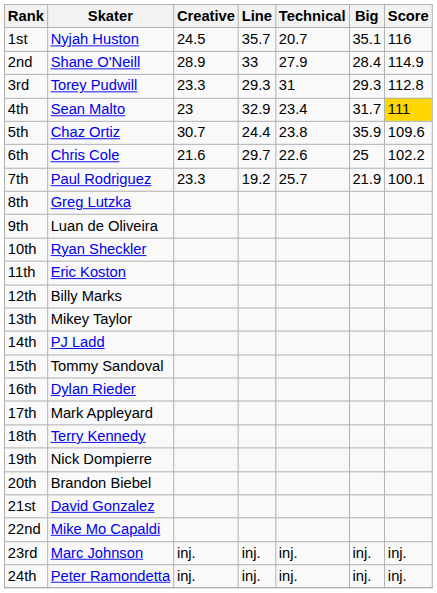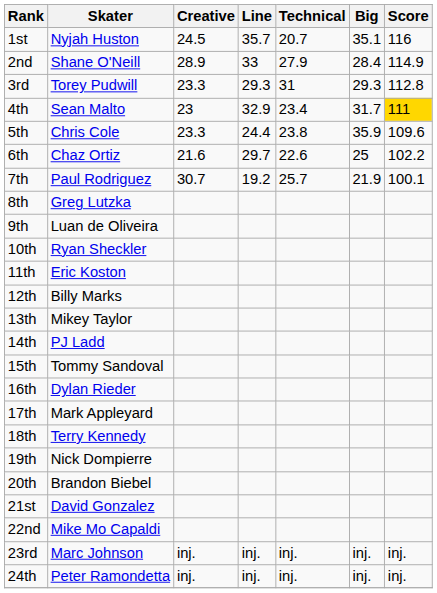 <table class="wikitable">
 <tr>
 <th>Rank</th>
 <th>Skater</th>
 <th>Creative</th>
 <th>Line</th>
 <th>Technical</th>
 <th>Big</th>
 <th>Score</th>
 </tr>
 <tr>
 <td>1st</td>
 <td><a href='#'>Nyjah Huston</a></td>
 <td>24.5</td>
 <td>35.7</td>
 <td>20.7</td>
 <td>35.1</td>
 <td>116</td>
 </tr>
 <tr>
 <td>2nd</td>
 <td><a href='#'>Shane O'Neill</a></td>
 <td>28.9</td>
 <td>33</td>
 <td>27.9</td>
 <td>28.4</td>
 <td>114.9</td>
 </tr>
 <tr>
 <td>3rd</td>
 <td><a href='#'>Torey Pudwill</a></td>
 <td>23.3</td>
 <td>29.3</td>
 <td>31</td>
 <td>29.3</td>
 <td>112.8</td>
 </tr>
 <tr>
 <td>4th</td>
 <td><a href='#'>Sean Malto</a></td>
 <td>23</td>
 <td>32.9</td>
 <td>23.4</td>
 <td>31.7</td>
 <td style="background: gold;">111</td>
 </tr>
 <tr>
 <td>5th</td>
-<td><a href='#'>Chaz Ortiz</a></td>
-<td>30.7</td>
+<td><a href='#'>Chris Cole</a></td>
+<td>23.3</td>
 <td>24.4</td>
 <td>23.8</td>
 <td>35.9</td>
 <td>109.6</td>
 </tr>
 <tr>
 <td>6th</td>
-<td><a href='#'>Chris Cole</a></td>
+<td><a href='#'>Chaz Ortiz</a></td>
 <td>21.6</td>
 <td>29.7</td>
 <td>22.6</td>
 <td>25</td>
 <td>102.2</td>
 </tr>
 <tr>
 <td>7th</td>
 <td><a href='#'>Paul Rodriguez</a></td>
-<td>23.3</td>
+<td>30.7</td>
 <td>19.2</td>
 <td>25.7</td>
 <td>21.9</td>
 <td>100.1</td>
 </tr>
 <tr>
 <td>8th</td>
 <td><a href='#'>Greg Lutzka</a></td>
 <td></td>
 <td></td>
 <td></td>
 <td></td>
 <td></td>
 </tr>
 <tr>
 <td>9th</td>
 <td>Luan de Oliveira</td>
 <td></td>
 <td></td>
 <td></td>
 <td></td>
 <td></td>
 </tr>
 <tr>
 <td>10th</td>
 <td><a href='#'>Ryan Sheckler</a></td>
 <td></td>
 <td></td>
 <td></td>
 <td></td>
 <td></td>
 </tr>
 <tr>
 <td>11th</td>
 <td><a href='#'>Eric Koston</a></td>
 <td></td>
 <td></td>
 <td></td>
 <td></td>
 <td></td>
 </tr>
 <tr>
 <td>12th</td>
 <td>Billy Marks</td>
 <td></td>
 <td></td>
 <td></td>
 <td></td>
 <td></td>
 </tr>
 <tr>
 <td>13th</td>
 <td>Mikey Taylor</td>
 <td></td>
 <td></td>
 <td></td>
 <td></td>
 <td></td>
 </tr>
 <tr>
 <td>14th</td>
 <td><a href='#'>PJ Ladd</a></td>
 <td></td>
 <td></td>
 <td></td>
 <td></td>
 <td></td>
 </tr>
 <tr>
 <td>15th</td>
 <td>Tommy Sandoval</td>
 <td></td>
 <td></td>
 <td></td>
 <td></td>
 <td></td>
 </tr>
 <tr>
 <td>16th</td>
 <td><a href='#'>Dylan Rieder</a></td>
 <td></td>
 <td></td>
 <td></td>
 <td></td>
 <td></td>
 </tr>
 <tr>
 <td>17th</td>
 <td>Mark Appleyard</td>
 <td></td>
 <td></td>
 <td></td>
 <td></td>
 <td></td>
 </tr>
 <tr>
 <td>18th</td>
 <td><a href='#'>Terry Kennedy</a></td>
 <td></td>
 <td></td>
 <td></td>
 <td></td>
 <td></td>
 </tr>
 <tr>
 <td>19th</td>
 <td>Nick Dompierre</td>
 <td></td>
 <td></td>
 <td></td>
 <td></td>
 <td></td>
 </tr>
 <tr>
 <td>20th</td>
 <td>Brandon Biebel</td>
 <td></td>
 <td></td>
 <td></td>
 <td></td>
 <td></td>
 </tr>
 <tr>
 <td>21st</td>
 <td><a href='#'>David Gonzalez</a></td>
 <td></td>
 <td></td>
 <td></td>
 <td></td>
 <td></td>
 </tr>
 <tr>
 <td>22nd</td>
 <td><a href='#'>Mike Mo Capaldi</a></td>
 <td></td>
 <td></td>
 <td></td>
 <td></td>
 <td></td>
 </tr>
 <tr>
 <td>23rd</td>
 <td><a href='#'>Marc Johnson</a></td>
 <td>inj.</td>
 <td>inj.</td>
 <td>inj.</td>
 <td>inj.</td>
 <td>inj.</td>
 </tr>
 <tr>
 <td>24th</td>
 <td><a href='#'>Peter Ramondetta</a></td>
 <td>inj.</td>
 <td>inj.</td>
 <td>inj.</td>
 <td>inj.</td>
 <td>inj.</td>
 </tr>
 <tr>
 </tr>
 </table>
